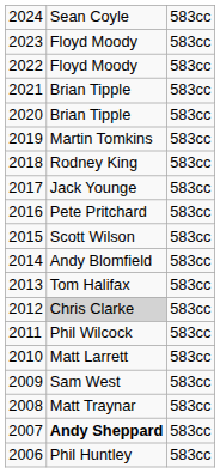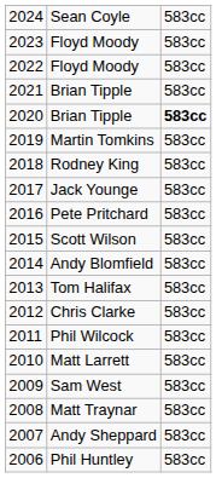 <table class="wikitable">
 <tr>
 <td>2024</td>
 <td>Sean Coyle</td>
 <td>583cc</td>
 </tr>
 <tr>
 <td>2023</td>
 <td>Floyd Moody</td>
 <td>583cc</td>
 </tr>
 <tr>
 <td>2022</td>
 <td>Floyd Moody</td>
 <td>583cc</td>
 </tr>
 <tr>
 <td>2021</td>
 <td>Brian Tipple</td>
 <td>583cc</td>
 </tr>
 <tr>
 <td>2020</td>
 <td>Brian Tipple</td>
-<td>583cc</td>
+<td><strong>583cc</strong></td>
 </tr>
 <tr>
 <td>2019</td>
 <td>Martin Tomkins</td>
 <td>583cc</td>
 </tr>
 <tr>
 <td>2018</td>
 <td>Rodney King</td>
 <td>583cc</td>
 </tr>
 <tr>
 <td>2017</td>
 <td>Jack Younge</td>
 <td>583cc</td>
 </tr>
 <tr>
 <td>2016</td>
 <td>Pete Pritchard</td>
 <td>583cc</td>
 </tr>
 <tr>
 <td>2015</td>
 <td>Scott Wilson</td>
 <td>583cc</td>
 </tr>
 <tr>
 <td>2014</td>
 <td>Andy Blomfield</td>
 <td>583cc</td>
 </tr>
 <tr>
 <td>2013</td>
 <td>Tom Halifax</td>
 <td>583cc</td>
 </tr>
 <tr>
 <td>2012</td>
-<td style="background: lightgrey;">Chris Clarke</td>
+<td>Chris Clarke</td>
 <td>583cc</td>
 </tr>
 <tr>
 <td>2011</td>
 <td>Phil Wilcock</td>
 <td>583cc</td>
 </tr>
 <tr>
 <td>2010</td>
 <td>Matt Larrett</td>
 <td>583cc</td>
 </tr>
 <tr>
 <td>2009</td>
 <td>Sam West</td>
 <td>583cc</td>
 </tr>
 <tr>
 <td>2008</td>
 <td>Matt Traynar</td>
 <td>583cc</td>
 </tr>
 <tr>
 <td>2007</td>
-<td><strong>Andy Sheppard</strong></td>
+<td>Andy Sheppard</td>
 <td>583cc</td>
 </tr>
 <tr>
 <td>2006</td>
 <td>Phil Huntley</td>
 <td>583cc</td>
 </tr>
 </table>
